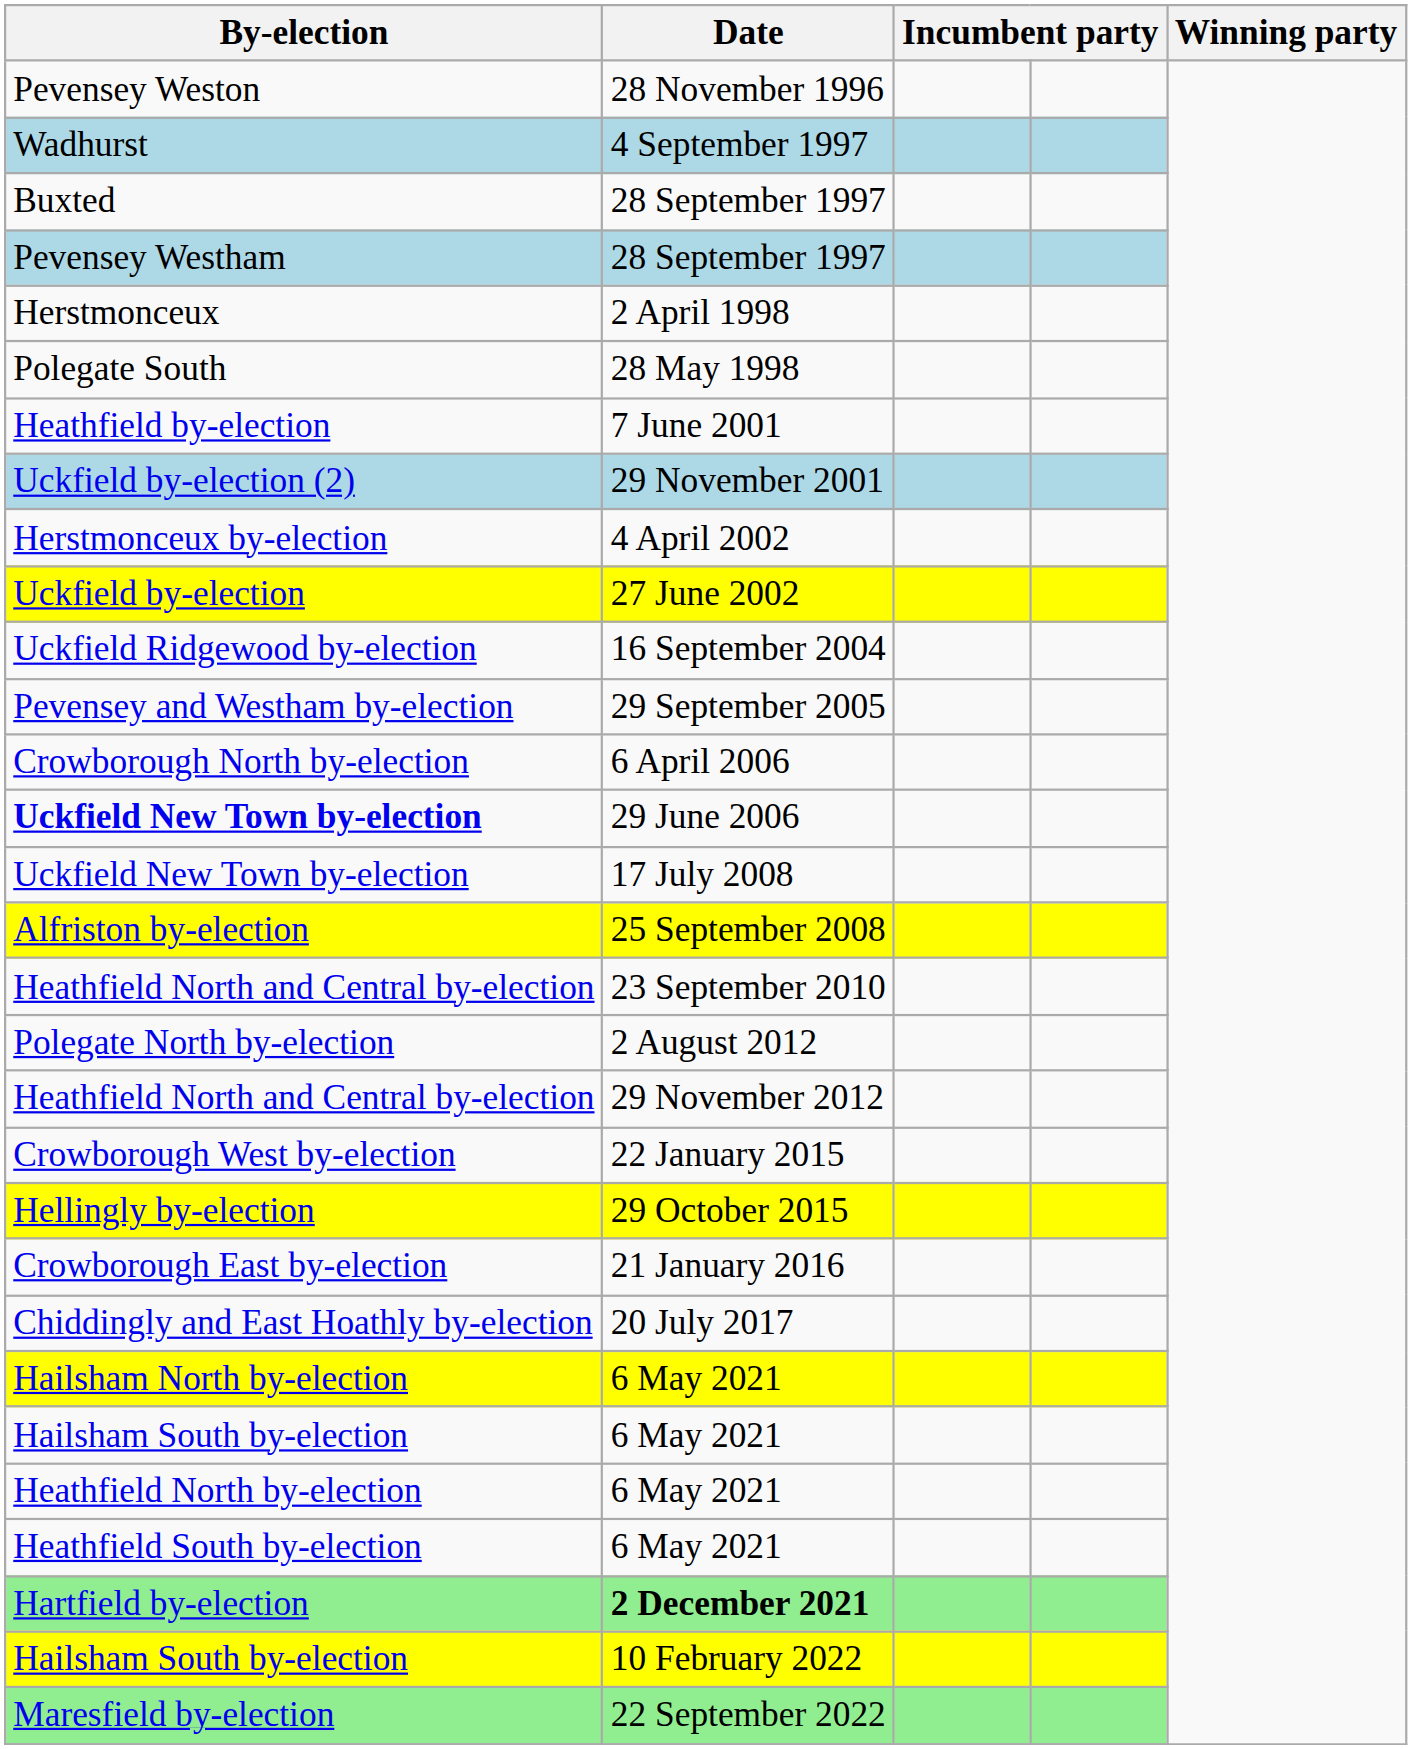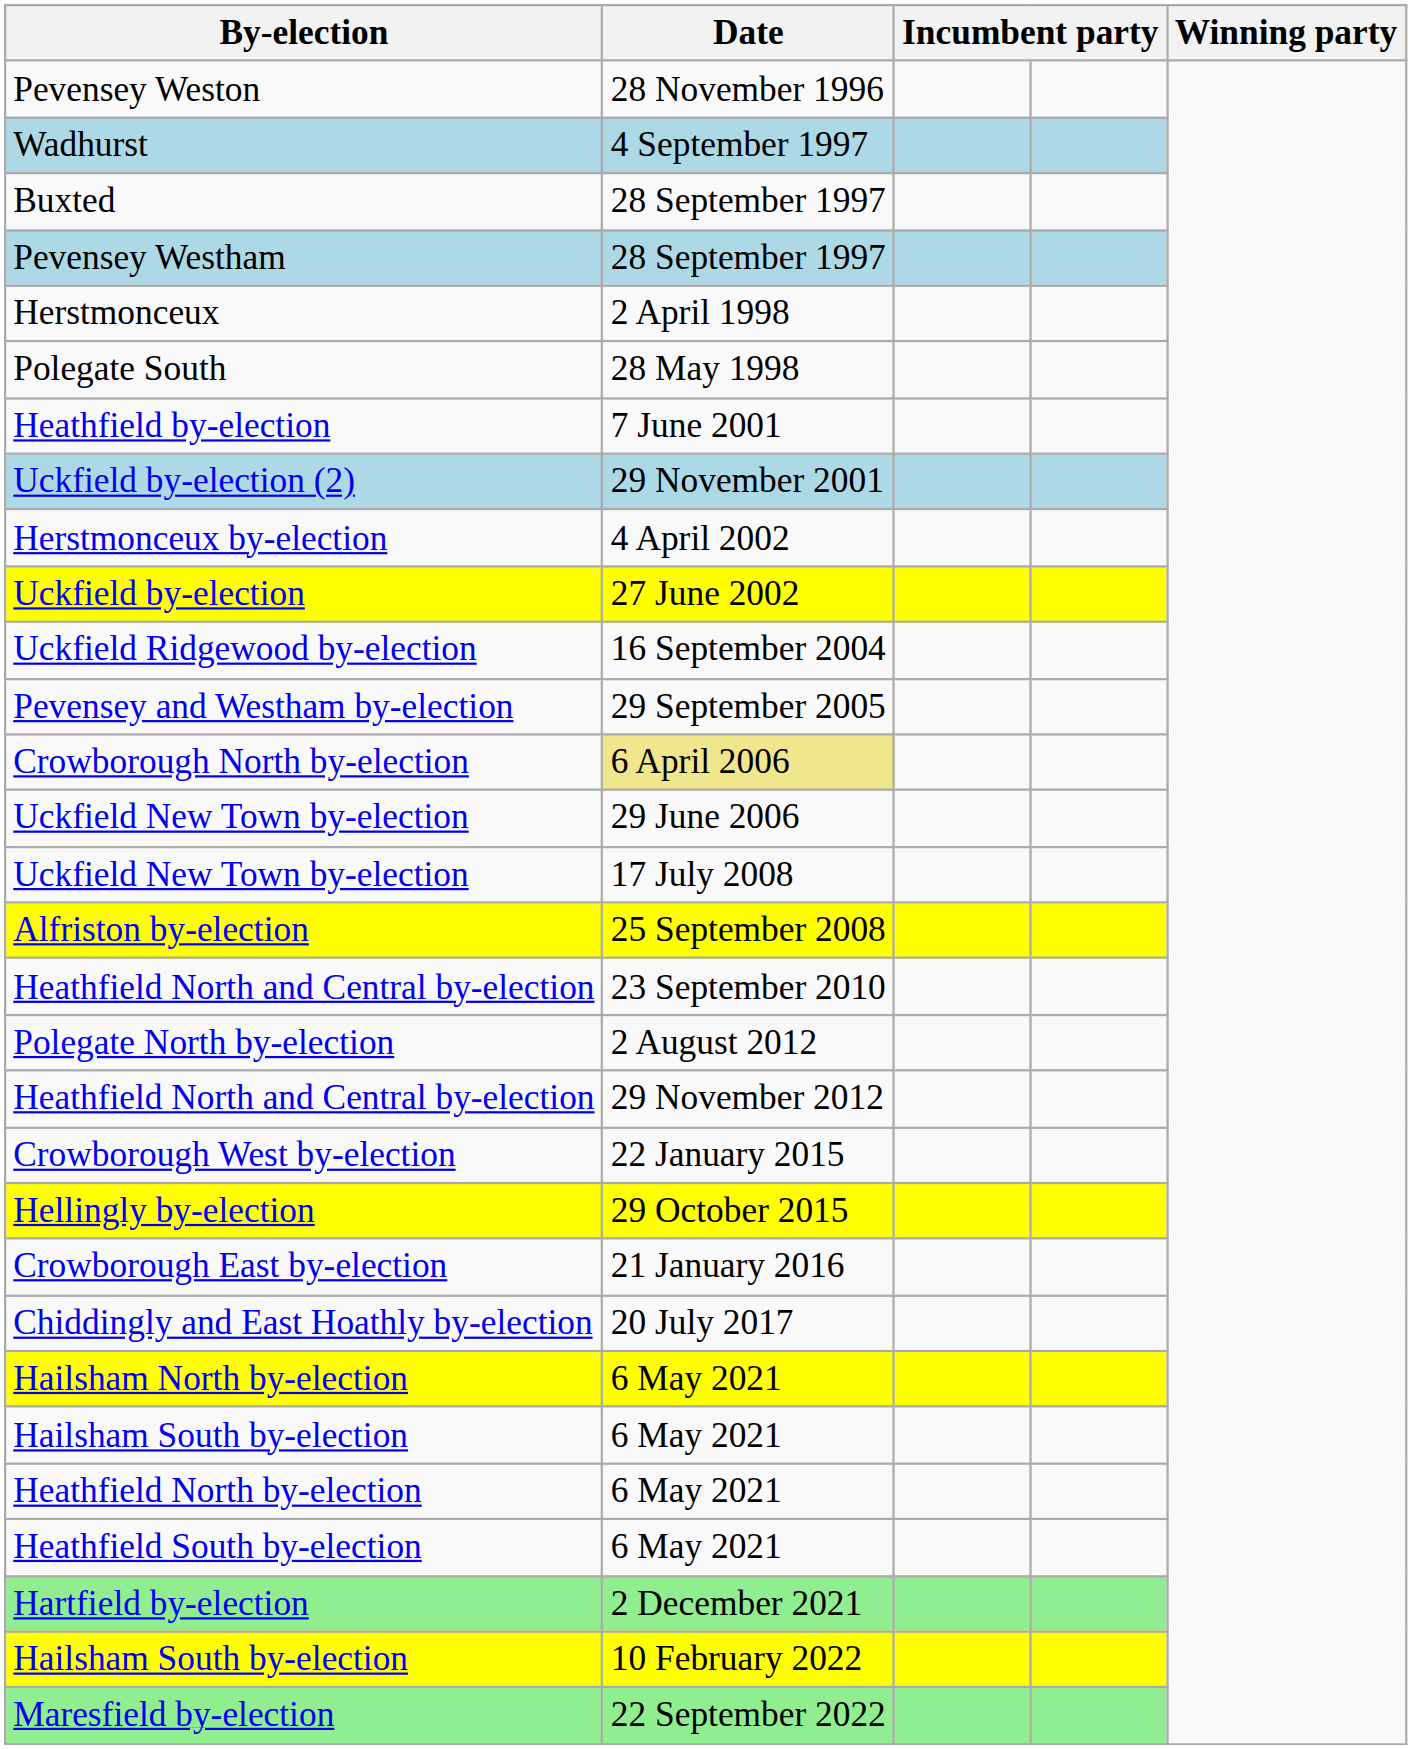 <table class="wikitable">
 <tr>
 <th>By-election</th>
 <th>Date</th>
 <th colspan=2>Incumbent party</th>
 <th colspan=2>Winning party</th>
 </tr>
 <tr>
 <td>Pevensey Weston</td>
 <td>28 November 1996</td>
 <td></td>
 <td></td>
 </tr>
 <tr bgcolor=lightblue>
 <td>Wadhurst</td>
 <td>4 September 1997</td>
 <td></td>
 <td></td>
 </tr>
 <tr>
 <td>Buxted</td>
 <td>28 September 1997</td>
 <td></td>
 <td></td>
 </tr>
 <tr bgcolor=lightblue>
 <td>Pevensey Westham</td>
 <td>28 September 1997</td>
 <td></td>
 <td></td>
 </tr>
 <tr>
 <td>Herstmonceux</td>
 <td>2 April 1998</td>
 <td></td>
 <td></td>
 </tr>
 <tr>
 <td>Polegate South</td>
 <td>28 May 1998</td>
 <td></td>
 <td></td>
 </tr>
 <tr>
 <td><a href='#'>Heathfield by-election</a></td>
 <td>7 June 2001</td>
 <td></td>
 <td></td>
 </tr>
 <tr bgcolor=lightblue>
 <td><a href='#'>Uckfield by-election (2)</a></td>
 <td>29 November 2001</td>
 <td></td>
 <td></td>
 </tr>
 <tr>
 <td><a href='#'>Herstmonceux by-election</a></td>
 <td>4 April 2002</td>
 <td></td>
 <td></td>
 </tr>
 <tr bgcolor=yellow>
 <td><a href='#'>Uckfield by-election</a></td>
 <td>27 June 2002</td>
 <td></td>
 <td></td>
 </tr>
 <tr>
 <td><a href='#'>Uckfield Ridgewood by-election</a></td>
 <td>16 September 2004</td>
 <td></td>
 <td></td>
 </tr>
 <tr>
 <td><a href='#'>Pevensey and Westham by-election</a></td>
 <td>29 September 2005</td>
 <td></td>
 <td></td>
 </tr>
 <tr>
 <td><a href='#'>Crowborough North by-election</a></td>
-<td>6 April 2006</td>
+<td style="background: khaki;">6 April 2006</td>
 <td></td>
 <td></td>
 </tr>
 <tr>
-<td><strong><a href='#'>Uckfield New Town by-election</a></strong></td>
+<td><a href='#'>Uckfield New Town by-election</a></td>
 <td>29 June 2006</td>
 <td></td>
 <td></td>
 </tr>
 <tr>
 <td><a href='#'>Uckfield New Town by-election</a></td>
 <td>17 July 2008</td>
 <td></td>
 <td></td>
 </tr>
 <tr bgcolor=yellow>
 <td><a href='#'>Alfriston by-election</a></td>
 <td>25 September 2008</td>
 <td></td>
 <td></td>
 </tr>
 <tr>
 <td><a href='#'>Heathfield North and Central by-election</a></td>
 <td>23 September 2010</td>
 <td></td>
 <td></td>
 </tr>
 <tr>
 <td><a href='#'>Polegate North by-election</a></td>
 <td>2 August 2012</td>
 <td></td>
 <td></td>
 </tr>
 <tr>
 <td><a href='#'>Heathfield North and Central by-election</a></td>
 <td>29 November 2012</td>
 <td></td>
 <td></td>
 </tr>
 <tr>
 <td><a href='#'>Crowborough West by-election</a></td>
 <td>22 January 2015</td>
 <td></td>
 <td></td>
 </tr>
 <tr bgcolor=yellow>
 <td><a href='#'>Hellingly by-election</a></td>
 <td>29 October 2015</td>
 <td></td>
 <td></td>
 </tr>
 <tr bgcolor=>
 <td><a href='#'>Crowborough East by-election</a></td>
 <td>21 January 2016</td>
 <td></td>
 <td></td>
 </tr>
 <tr bgcolor=>
 <td><a href='#'>Chiddingly and East Hoathly by-election</a></td>
 <td>20 July 2017</td>
 <td></td>
 <td></td>
 </tr>
 <tr bgcolor=yellow>
 <td><a href='#'>Hailsham North by-election</a></td>
 <td>6 May 2021</td>
 <td></td>
 <td></td>
 </tr>
 <tr bgcolor=>
 <td><a href='#'>Hailsham South by-election</a></td>
 <td>6 May 2021</td>
 <td></td>
 <td></td>
 </tr>
 <tr bgcolor=>
 <td><a href='#'>Heathfield North by-election</a></td>
 <td>6 May 2021</td>
 <td></td>
 <td></td>
 </tr>
 <tr bgcolor=>
 <td><a href='#'>Heathfield South by-election</a></td>
 <td>6 May 2021</td>
 <td></td>
 <td></td>
 </tr>
 <tr bgcolor=lightgreen>
 <td><a href='#'>Hartfield by-election</a></td>
-<td><strong>2 December 2021</strong></td>
+<td>2 December 2021</td>
 <td></td>
 <td></td>
 </tr>
 <tr bgcolor=yellow>
 <td><a href='#'>Hailsham South by-election</a></td>
 <td>10 February 2022</td>
 <td></td>
 <td></td>
 </tr>
 <tr bgcolor=lightgreen>
 <td><a href='#'>Maresfield by-election</a></td>
 <td>22 September 2022</td>
 <td></td>
 <td></td>
 </tr>
 <tr>
 </tr>
 </table>
